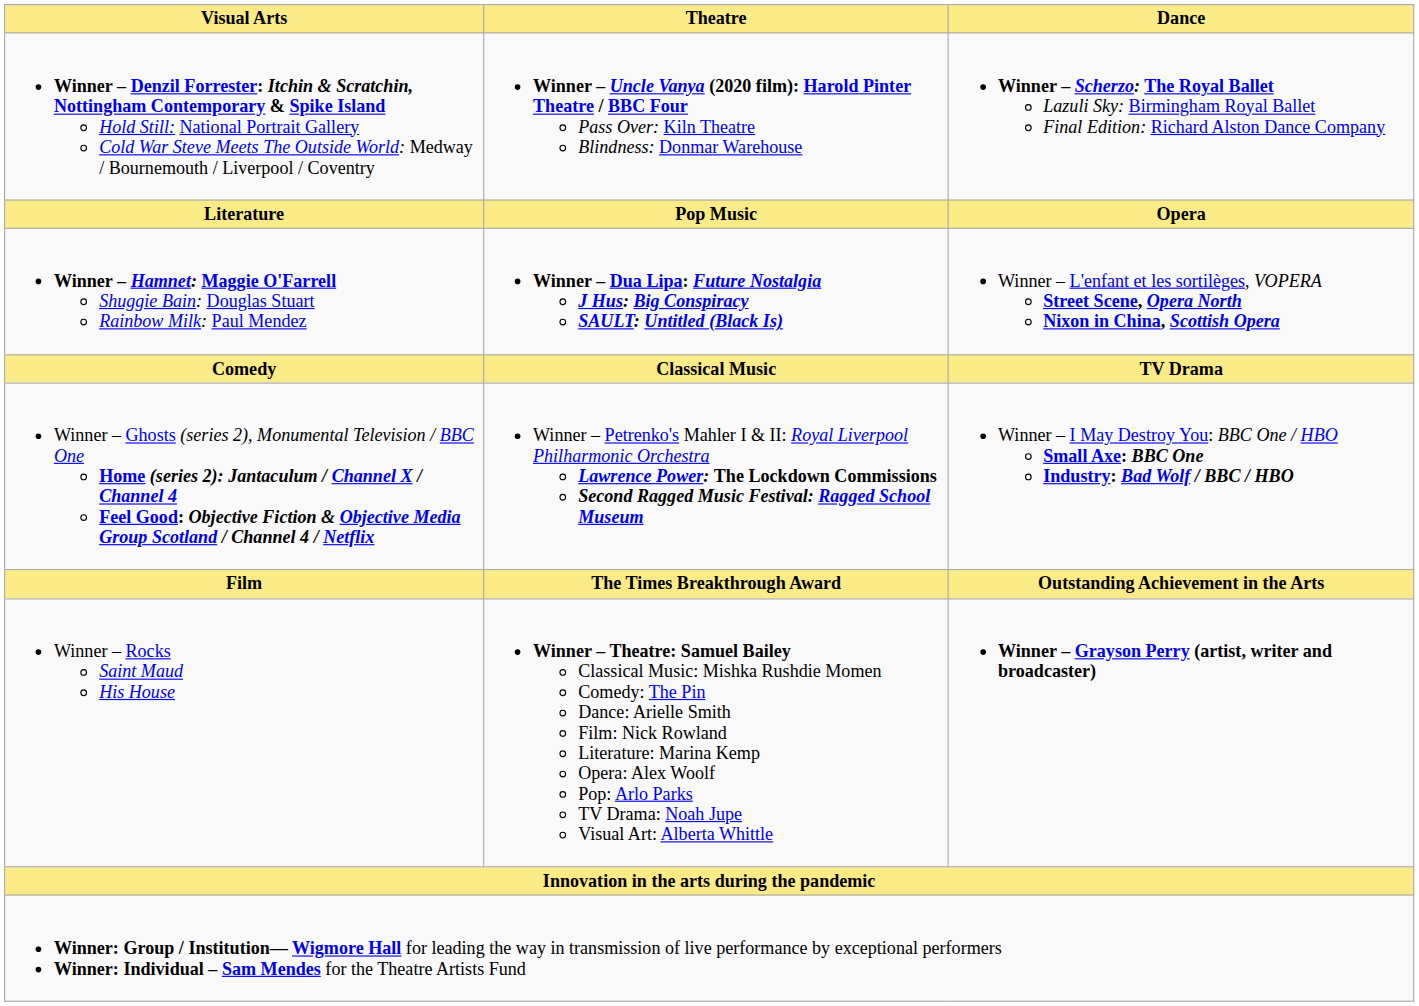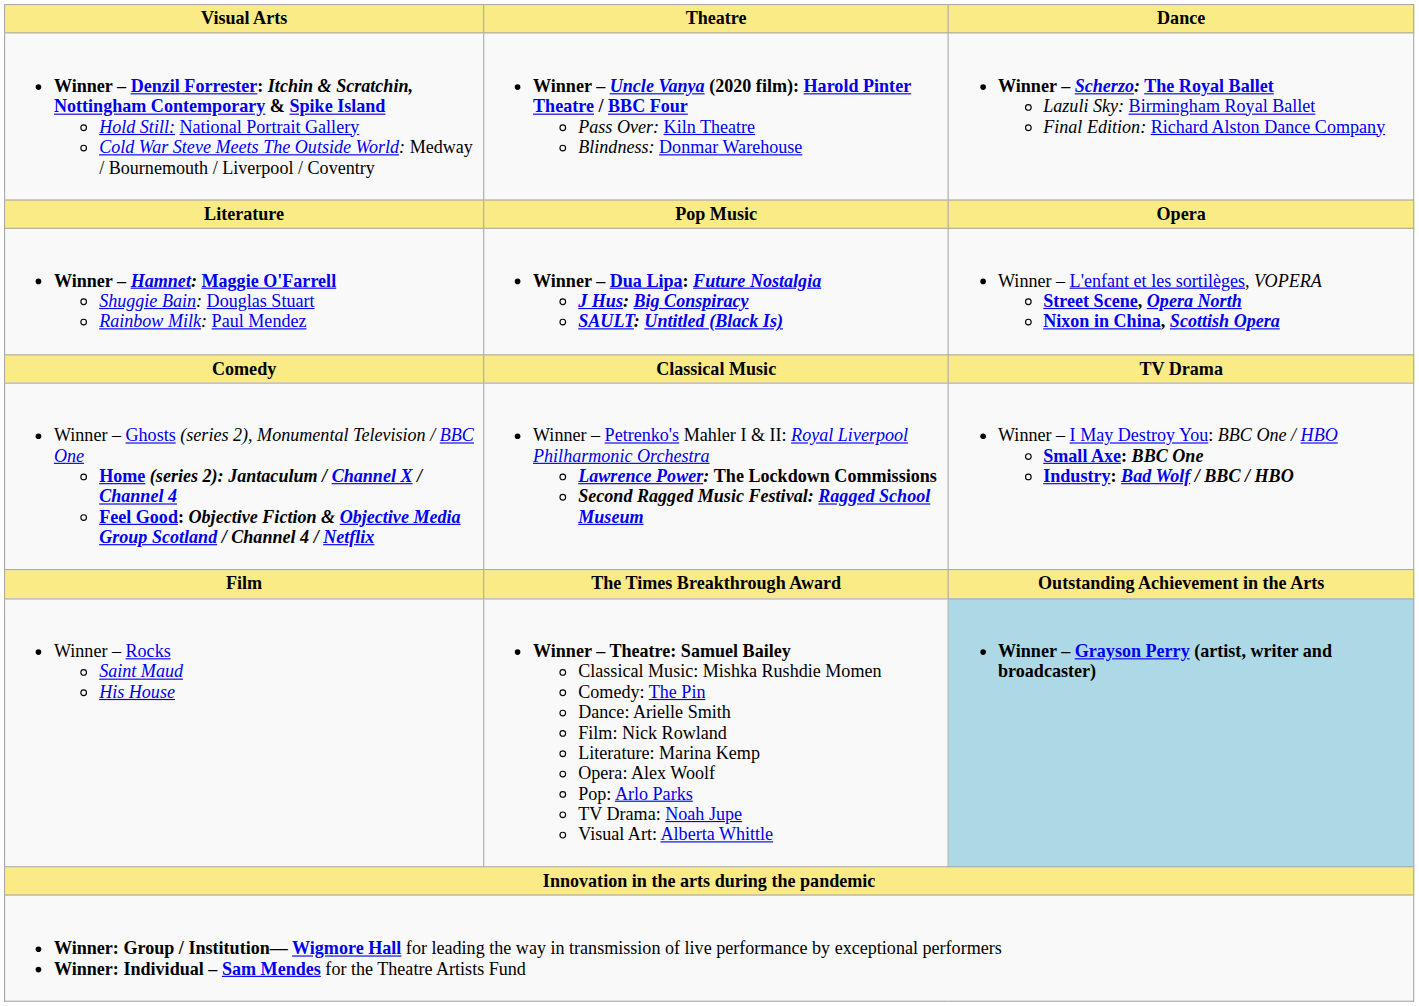 <table class="wikitable" style="font-size:100%">
 <tr>
 <th style="background:#FAEB86;" width="34%">Visual Arts</th>
 <th style="background:#FAEB86;" width="33%">Theatre</th>
 <th style="background:#FAEB86;" width="33%">Dance</th>
 </tr>
 <tr>
 <td valign="top"><br><ul><li><strong>Winner – <a href='#'>Denzil Forrester</a>: <em>Itchin & Scratchin,</em> <a href='#'>Nottingham Contemporary</a> & <a href='#'>Spike Island</a></strong><ul><li><em><a href='#'>Hold Still:</a></em> <a href='#'>National Portrait Gallery</a></li><li><em><a href='#'>Cold War Steve Meets The Outside World</a>:</em> Medway / Bournemouth / Liverpool / Coventry</li></ul></li></ul></td>
 <td valign="top"><br><ul><li><strong>Winner – <em><a href='#'>Uncle Vanya</a></em> (2020 film): <a href='#'>Harold Pinter Theatre</a> / <a href='#'>BBC Four</a></strong><ul><li><em>Pass Over:</em> <a href='#'>Kiln Theatre</a></li><li><em>Blindness:</em> <a href='#'>Donmar Warehouse</a></li></ul></li></ul></td>
 <td valign="top"><br><ul><li><strong>Winner – <em><a href='#'>Scherzo</a>:</em> <a href='#'>The Royal Ballet</a></strong><ul><li><em>Lazuli Sky:</em> <a href='#'>Birmingham Royal Ballet</a></li><li><em>Final Edition:</em> <a href='#'>Richard Alston Dance Company</a></li></ul></li></ul></td>
 </tr>
 <tr>
 <th style="background:#FAEB86;" width="34%">Literature</th>
 <th style="background:#FAEB86;" width="33%">Pop Music</th>
 <th style="background:#FAEB86;" width="33%">Opera</th>
 </tr>
 <tr>
 <td valign="top"><br><ul><li><strong>Winner – <em><a href='#'>Hamnet</a>:</em> <a href='#'>Maggie O'Farrell</a></strong><ul><li><em><a href='#'>Shuggie Bain</a>:</em> <a href='#'>Douglas Stuart</a></li><li><em><a href='#'>Rainbow Milk</a>:</em> <a href='#'>Paul Mendez</a></li></ul></li></ul></td>
 <td valign="top"><br><ul><li><strong>Winner – <a href='#'>Dua Lipa</a>: <em><a href='#'>Future Nostalgia</a><strong><em><ul><li><a href='#'>J Hus</a>: </em><a href='#'>Big Conspiracy</a><em></li><li><a href='#'>SAULT</a>: </em><a href='#'>Untitled (Black Is)</a><em></li></ul></li></ul></td>
 <td valign="top"><br><ul><li></strong>Winner – </em><a href='#'>L'enfant et les sortilèges</a>,<em> VOPERA<strong><ul><li></em><a href='#'>Street Scene</a>,<em> <a href='#'>Opera North</a></li><li></em><a href='#'>Nixon in China</a>,<em> <a href='#'>Scottish Opera</a></li></ul></li></ul></td>
 </tr>
 <tr>
 <th style="background:#FAEB86;" width="34%">Comedy</th>
 <th style="background:#FAEB86;" width="33%">Classical Music</th>
 <th style="background:#FAEB86;" width="33%">TV Drama</th>
 </tr>
 <tr>
 <td valign="top"><br><ul><li></strong>Winner – </em><a href='#'>Ghosts</a><em> (series 2), Monumental Television / <a href='#'>BBC One</a><strong><ul><li></em><a href='#'>Home</a><em> (series 2): Jantaculum / <a href='#'>Channel X</a> / <a href='#'>Channel 4</a></li><li></em><a href='#'>Feel Good</a>:<em> Objective Fiction & <a href='#'>Objective Media Group Scotland</a> / Channel 4 / <a href='#'>Netflix</a></li></ul></li></ul></td>
 <td valign="top"><br><ul><li></strong>Winner – </em><a href='#'>Petrenko's</a> Mahler I & II:<em> <a href='#'>Royal Liverpool Philharmonic Orchestra</a><strong><ul><li><a href='#'>Lawrence Power</a>: </em>The Lockdown Commissions<em></li><li>Second Ragged Music Festival: <a href='#'>Ragged School Museum</a></li></ul></li></ul></td>
 <td valign="top"><br><ul><li></strong>Winner – </em><a href='#'>I May Destroy You</a>:<em> BBC One / <a href='#'>HBO</a><strong><ul><li></em><a href='#'>Small Axe</a>:<em> BBC One</li><li></em><a href='#'>Industry</a>:<em> <a href='#'>Bad Wolf</a> / BBC / HBO</li></ul></li></ul></td>
 </tr>
 <tr>
 <th style="background:#FAEB86;" width="34%">Film</th>
 <th style="background:#FAEB86;" width="33%">The Times Breakthrough Award</th>
 <th style="background:#FAEB86;" width="33%">Outstanding Achievement in the Arts</th>
 </tr>
 <tr>
 <td valign="top"><br><ul><li></strong>Winner – </em><a href='#'>Rocks</a></em></strong><ul><li><em><a href='#'>Saint Maud</a></em></li><li><em><a href='#'>His House</a></em></li></ul></li></ul></td>
 <td valign="top"><br><ul><li><strong>Winner – Theatre: Samuel Bailey</strong><ul><li>Classical Music: Mishka Rushdie Momen</li><li>Comedy: <a href='#'>The Pin</a></li><li>Dance: Arielle Smith</li><li>Film: Nick Rowland</li><li>Literature: Marina Kemp</li><li>Opera: Alex Woolf</li><li>Pop: <a href='#'>Arlo Parks</a></li><li>TV Drama: <a href='#'>Noah Jupe</a></li><li>Visual Art: <a href='#'>Alberta Whittle</a></li></ul></li></ul></td>
-<td valign="top"><br><ul><li><strong>Winner – <a href='#'>Grayson Perry</a> (artist, writer and broadcaster)</strong></li></ul></td>
+<td valign="top" style="background: lightblue;"><br><ul><li><strong>Winner – <a href='#'>Grayson Perry</a> (artist, writer and broadcaster)</strong></li></ul></td>
 </tr>
 <tr>
 <th colspan="3" style="background:#FAEB86;" width="34%">Innovation in the arts during the pandemic</th>
 </tr>
 <tr>
 <td colspan="3" valign="top"><br><ul><li><strong>Winner: Group / Institution— <a href='#'>Wigmore Hall</a></strong> for leading the way in transmission of live performance by exceptional performers</li><li><strong>Winner: Individual – <a href='#'>Sam Mendes</a></strong> for the Theatre Artists Fund</li></ul></td>
 </tr>
 </table>
